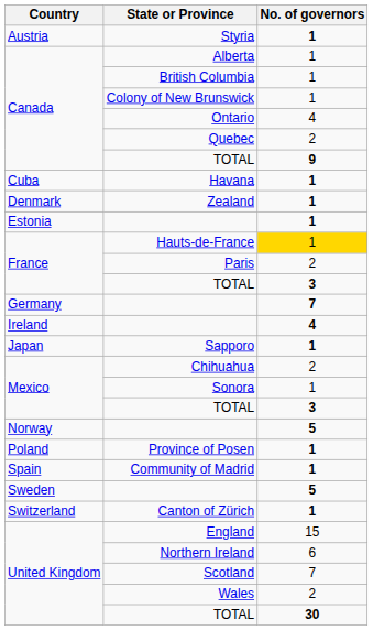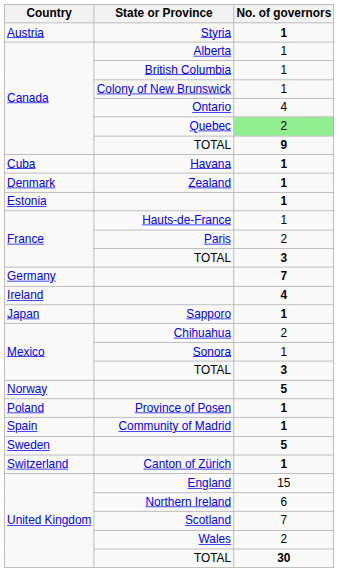 <table class="wikitable sortable">
 <tr>
 <th>Country</th>
 <th>State or Province</th>
 <th>No. of governors</th>
 </tr>
 <tr>
 <td><a href='#'>Austria</a></td>
 <td align=right><a href='#'>Styria</a></td>
 <td align=center><strong>1</strong></td>
 </tr>
 <tr>
 <td rowspan="6"><a href='#'>Canada</a></td>
 <td align=right><a href='#'>Alberta</a></td>
 <td align=center>1</td>
 </tr>
 <tr>
 <td align=right><a href='#'>British Columbia</a></td>
 <td align=center>1</td>
 </tr>
 <tr>
 <td align=right><a href='#'>Colony of New Brunswick</a></td>
 <td align=center>1</td>
 </tr>
 <tr>
 <td align=right><a href='#'>Ontario</a></td>
 <td align=center>4</td>
 </tr>
 <tr>
 <td align=right><a href='#'>Quebec</a></td>
-<td align=center>2</td>
+<td align=center style="background: lightgreen;">2</td>
 </tr>
 <tr>
 <td align=right>TOTAL</td>
 <td align=center><strong>9</strong></td>
 </tr>
 <tr>
 <td><a href='#'>Cuba</a></td>
 <td align=right><a href='#'>Havana</a></td>
 <td align=center><strong>1</strong></td>
 </tr>
 <tr>
 <td><a href='#'>Denmark</a></td>
 <td align=right><a href='#'>Zealand</a></td>
 <td align=center><strong>1</strong></td>
 </tr>
 <tr>
 <td><a href='#'>Estonia</a></td>
 <td></td>
 <td align=center><strong>1</strong></td>
 </tr>
 <tr>
 <td rowspan="3"><a href='#'>France</a></td>
 <td align=right><a href='#'>Hauts-de-France</a></td>
-<td align=center style="background: gold;">1</td>
+<td align=center>1</td>
 </tr>
 <tr>
 <td align=right><a href='#'>Paris</a></td>
 <td align=center>2</td>
 </tr>
 <tr>
 <td align=right>TOTAL</td>
 <td align=center><strong>3</strong></td>
 </tr>
 <tr>
 <td><a href='#'>Germany</a></td>
 <td></td>
 <td align=center><strong>7</strong></td>
 </tr>
 <tr>
 <td><a href='#'>Ireland</a></td>
 <td></td>
 <td align=center><strong>4</strong></td>
 </tr>
 <tr>
 <td><a href='#'>Japan</a></td>
 <td align=right><a href='#'>Sapporo</a></td>
 <td align=center><strong>1</strong></td>
 </tr>
 <tr>
 <td rowspan="3"><a href='#'>Mexico</a></td>
 <td align=right><a href='#'>Chihuahua</a></td>
 <td align=center>2</td>
 </tr>
 <tr>
 <td align=right><a href='#'>Sonora</a></td>
 <td align=center>1</td>
 </tr>
 <tr>
 <td align=right>TOTAL</td>
 <td align=center><strong>3</strong></td>
 </tr>
 <tr>
 <td><a href='#'>Norway</a></td>
 <td></td>
 <td align=center><strong>5</strong></td>
 </tr>
 <tr>
 <td><a href='#'>Poland</a></td>
 <td align=right><a href='#'>Province of Posen</a></td>
 <td align=center><strong>1</strong></td>
 </tr>
 <tr>
 <td><a href='#'>Spain</a></td>
 <td align=right><a href='#'>Community of Madrid</a></td>
 <td align=center><strong>1</strong></td>
 </tr>
 <tr>
 <td><a href='#'>Sweden</a></td>
 <td></td>
 <td align=center><strong>5</strong></td>
 </tr>
 <tr>
 <td><a href='#'>Switzerland</a></td>
 <td align=right><a href='#'>Canton of Zürich</a></td>
 <td align=center><strong>1</strong></td>
 </tr>
 <tr>
 <td rowspan="5"><a href='#'>United Kingdom</a></td>
 <td align=right><a href='#'>England</a></td>
 <td align=center>15</td>
 </tr>
 <tr>
 <td align=right><a href='#'>Northern Ireland</a></td>
 <td align=center>6</td>
 </tr>
 <tr>
 <td align=right><a href='#'>Scotland</a></td>
 <td align=center>7</td>
 </tr>
 <tr>
 <td align=right><a href='#'>Wales</a></td>
 <td align=center>2</td>
 </tr>
 <tr>
 <td align=right>TOTAL</td>
 <td align=center><strong>30</strong></td>
 </tr>
 </table>
